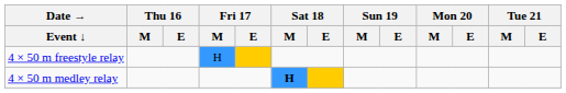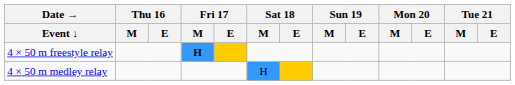 <table class="wikitable" style="margin:0.5em auto; font-size:95%; line-height:1.25em;">
 <tr style="text-align:center;">
 <th>Date →</th>
 <th colspan="2">Thu 16</th>
 <th colspan="2">Fri 17</th>
 <th colspan="2">Sat 18</th>
 <th colspan="2">Sun 19</th>
 <th colspan="2">Mon 20</th>
 <th colspan="2">Tue 21</th>
 </tr>
 <tr>
 <th>Event   ↓</th>
 <th style="width:2.5em;">M</th>
 <th style="width:2.5em;">E</th>
 <th style="width:2.5em;">M</th>
 <th style="width:2.5em;">E</th>
 <th style="width:2.5em;">M</th>
 <th style="width:2.5em;">E</th>
 <th style="width:2.5em;">M</th>
 <th style="width:2.5em;">E</th>
 <th style="width:2.5em;">M</th>
 <th style="width:2.5em;">E</th>
 <th style="width:2.5em;">M</th>
 <th style="width:2.5em;">E</th>
 </tr>
 <tr style="text-align:center;">
 <td style="text-align:left;"><a href='#'>4 × 50 m freestyle relay</a></td>
 <td colspan="2"></td>
-<td style="background-color:#3399ff;">H</td>
+<td style="background-color:#3399ff;"><strong>H</strong></td>
 <td style="background-color:#ffcc00;"></td>
 <td colspan="2"></td>
 <td colspan="2"></td>
 <td colspan="2"></td>
 <td colspan="2"></td>
 </tr>
 <tr style="text-align:center;">
 <td style="text-align:left;"><a href='#'>4 × 50 m medley relay</a></td>
 <td colspan="2"></td>
 <td colspan="2"></td>
-<td style="background-color:#3399ff;"><strong>H</strong></td>
+<td style="background-color:#3399ff;">H</td>
 <td style="background-color:#ffcc00;"></td>
 <td colspan="2"></td>
 <td colspan="2"></td>
 <td colspan="2"></td>
 </tr>
 </table>
